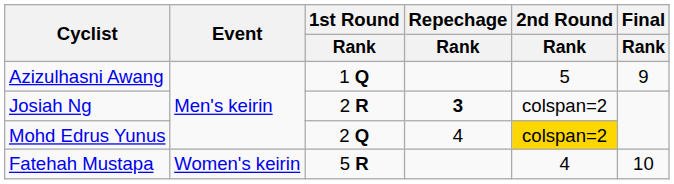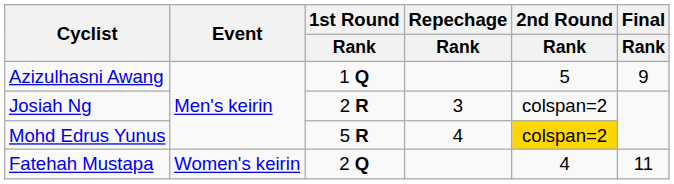 <table class="wikitable" style="font-size:90%">
 <tr>
 <th rowspan=2>Cyclist</th>
 <th rowspan=2>Event</th>
 <th>1st Round</th>
 <th>Repechage</th>
 <th>2nd Round</th>
 <th>Final</th>
 </tr>
 <tr style="font-size:95%">
 <th>Rank</th>
 <th>Rank</th>
 <th>Rank</th>
 <th>Rank</th>
 </tr>
 <tr align=center>
 <td align=left><a href='#'>Azizulhasni Awang</a></td>
 <td align=left rowspan=3><a href='#'>Men's keirin</a></td>
 <td>1 <strong>Q</strong></td>
 <td></td>
 <td>5</td>
 <td>9</td>
 </tr>
 <tr align=center>
 <td align=left><a href='#'>Josiah Ng</a></td>
 <td>2 <strong>R</strong></td>
-<td><strong>3</strong></td>
+<td>3</td>
 <td>colspan=2 </td>
 </tr>
 <tr align=center>
 <td align=left><a href='#'>Mohd Edrus Yunus</a></td>
-<td>2 <strong>Q</strong></td>
+<td>5 <strong>R</strong></td>
 <td>4</td>
 <td style="background: gold;">colspan=2 </td>
 </tr>
 <tr align=center>
 <td align=left><a href='#'>Fatehah Mustapa</a></td>
 <td align=left><a href='#'>Women's keirin</a></td>
-<td>5 <strong>R</strong></td>
+<td>2 <strong>Q</strong></td>
 <td></td>
 <td>4</td>
-<td>10</td>
+<td>11</td>
 </tr>
 </table>
